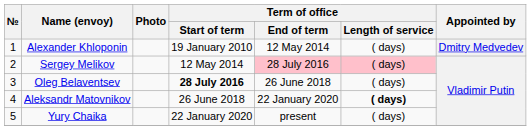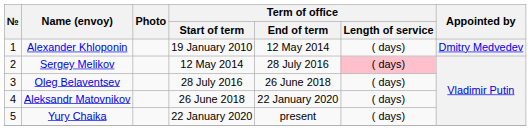 <table class="wikitable" style="text-align:center">
 <tr>
 <th rowspan="2">№</th>
 <th rowspan="2">Name (envoy)</th>
 <th rowspan="2">Photo</th>
 <th colspan="3">Term of office</th>
 <th rowspan="2">Appointed by</th>
 </tr>
 <tr>
 <th>Start of term</th>
 <th>End of term</th>
 <th>Length of service</th>
 </tr>
 <tr>
 <td>1</td>
 <td><a href='#'>Alexander Khloponin</a></td>
 <td></td>
 <td>19 January 2010</td>
 <td>12 May 2014</td>
 <td> ( days)</td>
 <th style="font-weight:normal"><a href='#'>Dmitry Medvedev</a></th>
 </tr>
 <tr>
 <td>2</td>
 <td><a href='#'>Sergey Melikov</a></td>
 <td></td>
 <td>12 May 2014</td>
-<td style="background: pink;">28 July 2016</td>
+<td>28 July 2016</td>
 <td style="background: pink;"> ( days)</td>
 <th style="font-weight:normal" rowspan=4><a href='#'>Vladimir Putin</a></th>
 </tr>
 <tr>
 <td>3</td>
 <td><a href='#'>Oleg Belaventsev</a></td>
 <td></td>
-<td><strong>28 July 2016</strong></td>
+<td>28 July 2016</td>
 <td>26 June 2018</td>
 <td> ( days)</td>
 </tr>
 <tr>
 <td>4</td>
 <td><a href='#'>Aleksandr Matovnikov</a></td>
 <td></td>
 <td>26 June 2018</td>
 <td>22 January 2020</td>
-<td><strong> ( days)</strong></td>
+<td> ( days)</td>
 </tr>
 <tr>
 <td>5</td>
 <td><a href='#'>Yury Chaika</a></td>
 <td></td>
 <td>22 January 2020</td>
 <td>present</td>
 <td> ( days)</td>
 </tr>
 <tr>
 </tr>
 </table>
